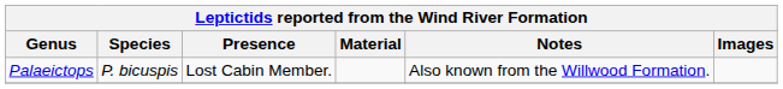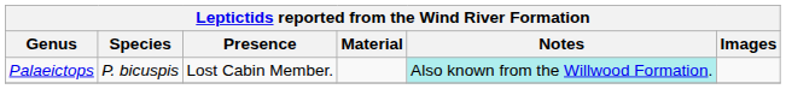 <table class="wikitable" align="center">
 <tr>
 <th colspan="6" align="center"><strong><a href='#'>Leptictids</a> reported from the Wind River Formation</strong></th>
 </tr>
 <tr>
 <th>Genus</th>
 <th>Species</th>
 <th>Presence</th>
 <th><strong>Material</strong></th>
 <th>Notes</th>
 <th>Images</th>
 </tr>
 <tr>
 <td><em><a href='#'>Palaeictops</a></em></td>
 <td><em>P. bicuspis</em></td>
 <td>Lost Cabin Member.</td>
 <td></td>
-<td>Also known from the <a href='#'>Willwood Formation</a>.</td>
+<td style="background: paleturquoise;">Also known from the <a href='#'>Willwood Formation</a>.</td>
 <td></td>
 </tr>
 <tr>
 </tr>
 </table>
